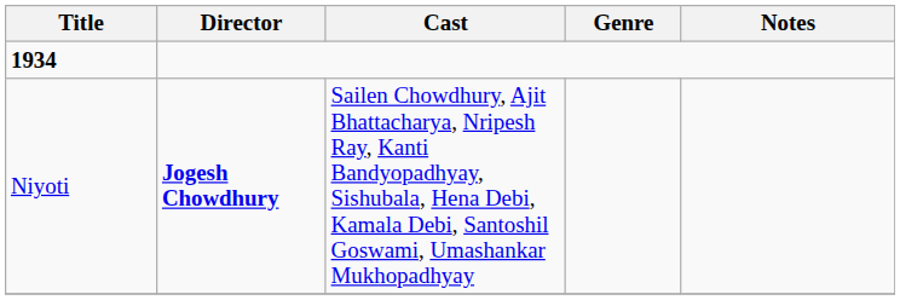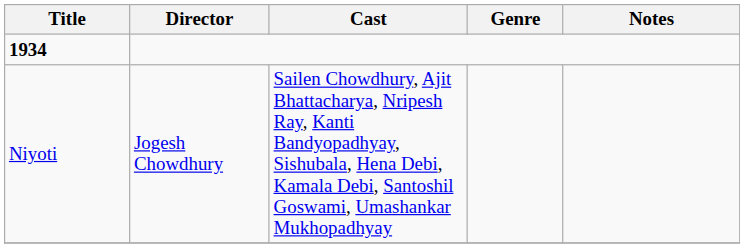 <table class="wikitable" width= "100%">
 <tr>
 <th width=17%>Title</th>
 <th width=19%>Director</th>
 <th width=27%>Cast</th>
 <th width=13%>Genre</th>
 <th width=24%>Notes</th>
 </tr>
 <tr>
 <td><strong>1934</strong></td>
 </tr>
 <tr>
 <td><a href='#'>Niyoti</a></td>
-<td><strong><a href='#'>Jogesh Chowdhury</a></strong></td>
+<td><a href='#'>Jogesh Chowdhury</a></td>
 <td><a href='#'>Sailen Chowdhury</a>, <a href='#'>Ajit Bhattacharya</a>, <a href='#'>Nripesh Ray</a>, <a href='#'>Kanti Bandyopadhyay</a>, <a href='#'>Sishubala</a>, <a href='#'>Hena Debi</a>, <a href='#'>Kamala Debi</a>, <a href='#'>Santoshil Goswami</a>, <a href='#'>Umashankar Mukhopadhyay</a></td>
 <td></td>
 <td></td>
 </tr>
 <tr>
 </tr>
 </table>
